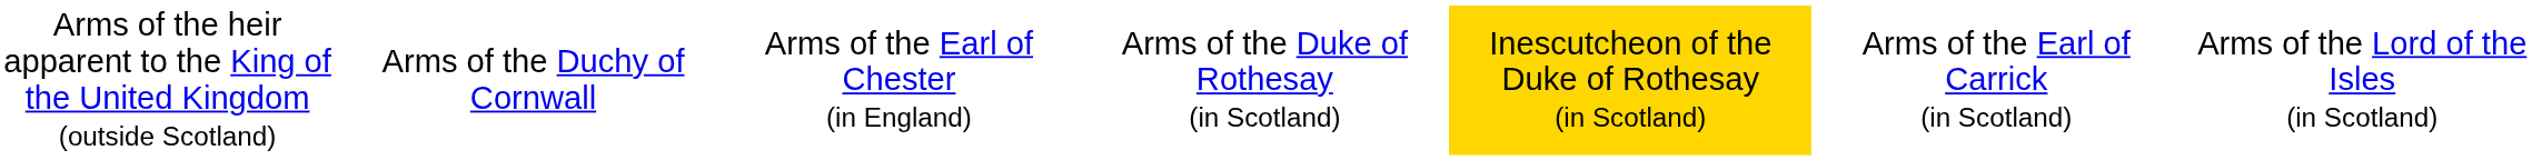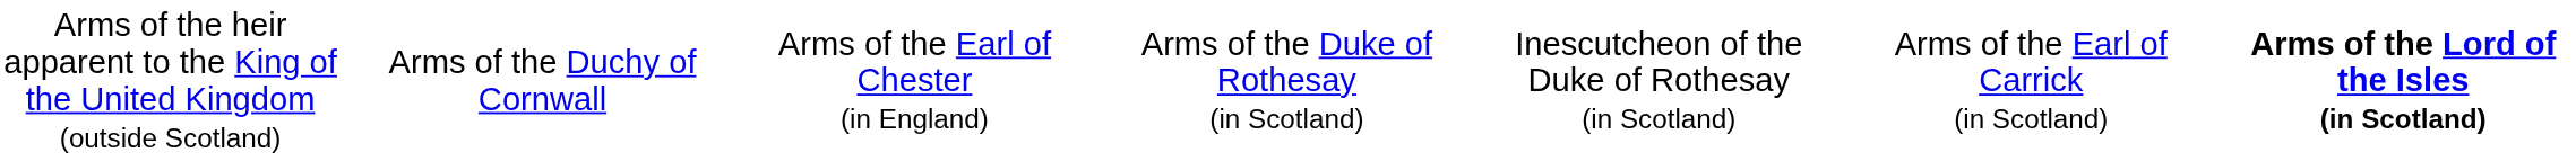 <table border="0" align="center" width="80%">
 <tr>
 <th width=14%></th>
 <th width=14%></th>
 <th width=14%></th>
 <th width=14%></th>
 <th width=14%></th>
 <th width=14%></th>
 <th width=14%></th>
 </tr>
 <tr>
 <td style="text-align: center;">Arms of the heir apparent to the <a href='#'>King of the United Kingdom</a><br><small>(outside Scotland)</small></td>
 <td style="text-align: center;">Arms of the <a href='#'>Duchy of Cornwall</a></td>
 <td style="text-align: center;">Arms of the <a href='#'>Earl of Chester</a><br><small>(in England)</small></td>
 <td style="text-align: center;">Arms of the <a href='#'>Duke of Rothesay</a><br><small>(in Scotland)</small></td>
-<td style="background: gold; text-align: center;">Inescutcheon of the Duke of Rothesay<br><small>(in Scotland)</small></td>
+<td style="text-align: center;">Inescutcheon of the Duke of Rothesay<br><small>(in Scotland)</small></td>
 <td style="text-align: center;">Arms of the <a href='#'>Earl of Carrick</a><br><small>(in Scotland)</small></td>
-<td style="text-align: center;">Arms of the <a href='#'>Lord of the Isles</a><br><small>(in Scotland)</small></td>
+<td style="text-align: center;"><strong>Arms of the <a href='#'>Lord of the Isles</a><br><small>(in Scotland)</small></strong></td>
 </tr>
 </table>
